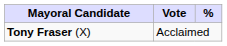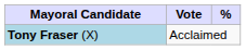 <table class="wikitable">
 <tr>
 <th style="background:#ddf; width:200px;">Mayoral Candidate</th>
 <th style="background:#ddf; width:50px;">Vote</th>
 <th style="background:#ddf; width:30px;">%</th>
 </tr>
 <tr>
-<td><strong>Tony Fraser</strong> (X)</td>
+<td style="background: lightblue;"><strong>Tony Fraser</strong> (X)</td>
 <td colspan="2">Acclaimed</td>
 </tr>
 </table>
